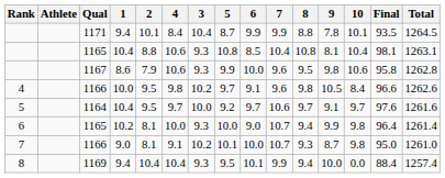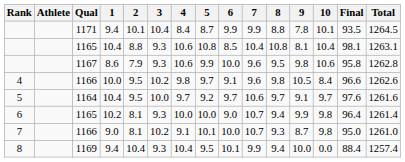 <table class="wikitable sortable" style="text-align:center;">
 <tr>
 <th>Rank</th>
 <th>Athlete</th>
 <th>Qual</th>
 <th>1</th>
 <th>2</th>
+<th>3</th>
 <th>4</th>
-<th>3</th>
 <th>5</th>
 <th>6</th>
 <th>7</th>
 <th>8</th>
 <th>9</th>
 <th>10</th>
 <th>Final</th>
 <th>Total</th>
 </tr>
 <tr>
 <td></td>
 <td style="text-align: left"></td>
 <td>1171</td>
 <td>9.4</td>
 <td>10.1</td>
+<td>10.4</td>
 <td>8.4</td>
-<td>10.4</td>
 <td>8.7</td>
 <td>9.9</td>
 <td>9.9</td>
 <td>8.8</td>
 <td>7.8</td>
 <td>10.1</td>
 <td>93.5</td>
 <td>1264.5</td>
 </tr>
 <tr>
 <td></td>
 <td style="text-align: left"></td>
 <td>1165</td>
 <td>10.4</td>
 <td>8.8</td>
+<td>9.3</td>
 <td>10.6</td>
-<td>9.3</td>
 <td>10.8</td>
 <td>8.5</td>
 <td>10.4</td>
 <td>10.8</td>
 <td>8.1</td>
 <td>10.4</td>
 <td>98.1</td>
 <td>1263.1</td>
 </tr>
 <tr>
 <td></td>
 <td style="text-align: left"></td>
 <td>1167</td>
 <td>8.6</td>
 <td>7.9</td>
+<td>9.3</td>
 <td>10.6</td>
-<td>9.3</td>
 <td>9.9</td>
 <td>10.0</td>
 <td>9.6</td>
 <td>9.5</td>
 <td>9.8</td>
 <td>10.6</td>
 <td>95.8</td>
 <td>1262.8</td>
 </tr>
 <tr>
 <td>4</td>
 <td style="text-align: left"></td>
 <td>1166</td>
 <td>10.0</td>
 <td>9.5</td>
+<td>10.2</td>
 <td>9.8</td>
-<td>10.2</td>
 <td>9.7</td>
 <td>9.1</td>
 <td>9.6</td>
 <td>9.8</td>
 <td>10.5</td>
 <td>8.4</td>
 <td>96.6</td>
 <td>1262.6</td>
 </tr>
 <tr>
 <td>5</td>
 <td style="text-align: left"></td>
 <td>1164</td>
 <td>10.4</td>
 <td>9.5</td>
+<td>10.0</td>
 <td>9.7</td>
-<td>10.0</td>
 <td>9.2</td>
 <td>9.7</td>
 <td>10.6</td>
 <td>9.7</td>
 <td>9.1</td>
 <td>9.7</td>
 <td>97.6</td>
 <td>1261.6</td>
 </tr>
 <tr>
 <td>6</td>
 <td style="text-align: left"></td>
 <td>1165</td>
 <td>10.2</td>
 <td>8.1</td>
+<td>9.3</td>
 <td>10.0</td>
-<td>9.3</td>
 <td>10.0</td>
 <td>9.0</td>
 <td>10.7</td>
 <td>9.4</td>
 <td>9.9</td>
 <td>9.8</td>
 <td>96.4</td>
 <td>1261.4</td>
 </tr>
 <tr>
 <td>7</td>
 <td style="text-align: left"></td>
 <td>1166</td>
 <td>9.0</td>
 <td>8.1</td>
+<td>10.2</td>
 <td>9.1</td>
-<td>10.2</td>
 <td>10.1</td>
 <td>10.0</td>
 <td>10.7</td>
 <td>9.3</td>
 <td>8.7</td>
 <td>9.8</td>
 <td>95.0</td>
 <td>1261.0</td>
 </tr>
 <tr>
 <td>8</td>
 <td style="text-align: left"></td>
 <td>1169</td>
 <td>9.4</td>
 <td>10.4</td>
+<td>9.3</td>
 <td>10.4</td>
-<td>9.3</td>
 <td>9.5</td>
 <td>10.1</td>
 <td>9.9</td>
 <td>9.4</td>
 <td>10.0</td>
 <td>0.0</td>
 <td>88.4</td>
 <td>1257.4</td>
 </tr>
 </table>
